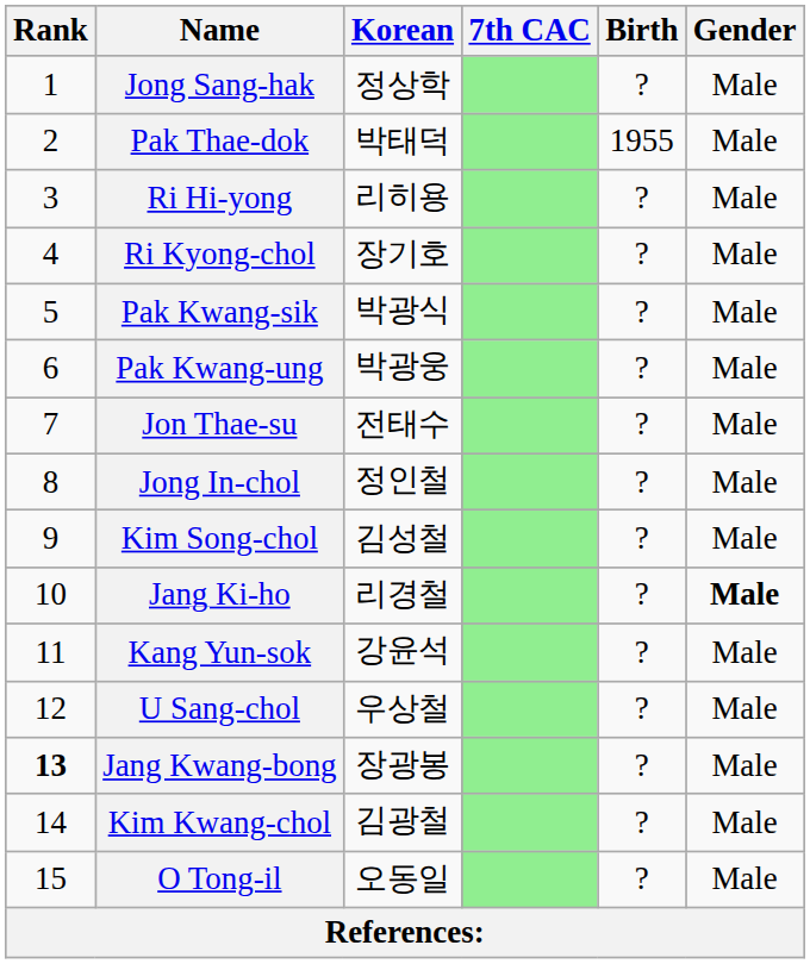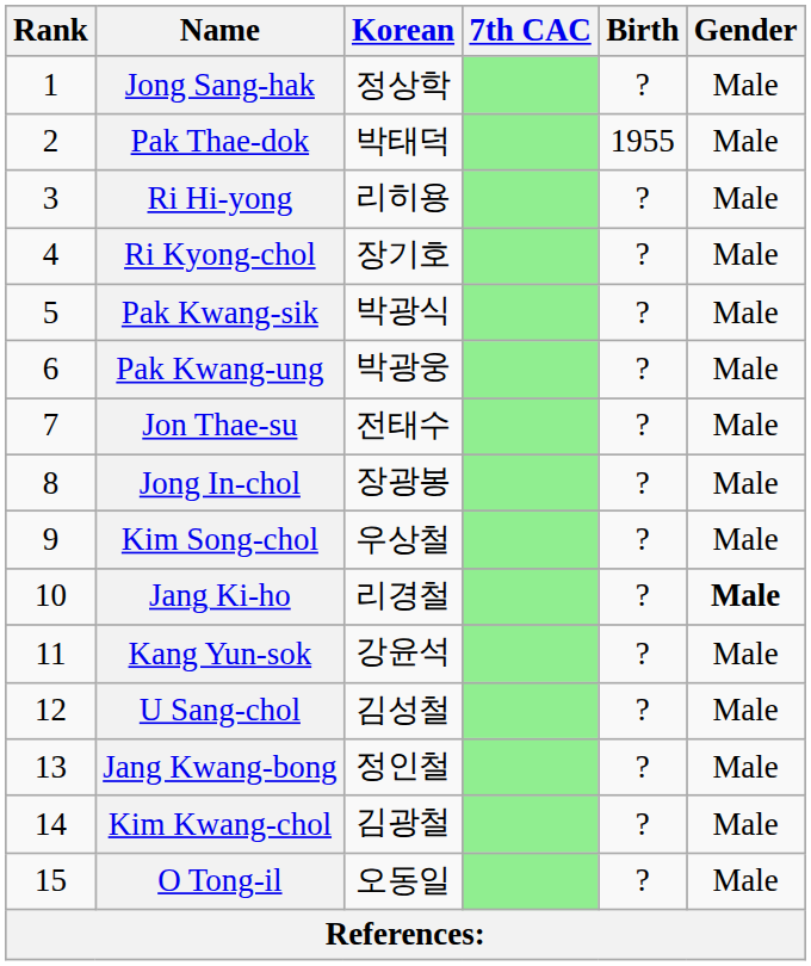 <table class="wikitable sortable" style=text-align:center>
 <tr>
 <th scope="col">Rank</th>
 <th scope="col">Name</th>
 <th scope="col" class="unsortable"><a href='#'>Korean</a></th>
 <th scope="col"><a href='#'>7th CAC</a></th>
 <th scope="col">Birth</th>
 <th scope="col">Gender</th>
 </tr>
 <tr>
 <td>1</td>
 <th scope="row" style="font-weight:normal;"><a href='#'>Jong Sang-hak</a></th>
 <td>정상학</td>
 <td bgcolor = LightGreen></td>
 <td>?</td>
 <td>Male</td>
 </tr>
 <tr>
 <td>2</td>
 <th scope="row" style="font-weight:normal;"><a href='#'>Pak Thae-dok</a></th>
 <td>박태덕</td>
 <td bgcolor = LightGreen></td>
 <td>1955</td>
 <td>Male</td>
 </tr>
 <tr>
 <td>3</td>
 <th scope="row" style="font-weight:normal;"><a href='#'>Ri Hi-yong</a></th>
 <td>리히용</td>
 <td bgcolor = LightGreen></td>
 <td>?</td>
 <td>Male</td>
 </tr>
 <tr>
 <td>4</td>
 <th scope="row" style="font-weight:normal;"><a href='#'>Ri Kyong-chol</a></th>
 <td>장기호</td>
 <td bgcolor = LightGreen></td>
 <td>?</td>
 <td>Male</td>
 </tr>
 <tr>
 <td>5</td>
 <th scope="row" style="font-weight:normal;"><a href='#'>Pak Kwang-sik</a></th>
 <td>박광식</td>
 <td bgcolor = LightGreen></td>
 <td>?</td>
 <td>Male</td>
 </tr>
 <tr>
 <td>6</td>
 <th scope="row" style="font-weight:normal;"><a href='#'>Pak Kwang-ung</a></th>
 <td>박광웅</td>
 <td bgcolor = LightGreen></td>
 <td>?</td>
 <td>Male</td>
 </tr>
 <tr>
 <td>7</td>
 <th scope="row" style="font-weight:normal;"><a href='#'>Jon Thae-su</a></th>
 <td>전태수</td>
 <td bgcolor = LightGreen></td>
 <td>?</td>
 <td>Male</td>
 </tr>
 <tr>
 <td>8</td>
 <th scope="row" style="font-weight:normal;"><a href='#'>Jong In-chol</a></th>
-<td>정인철</td>
+<td>장광봉</td>
 <td bgcolor = LightGreen></td>
 <td>?</td>
 <td>Male</td>
 </tr>
 <tr>
 <td>9</td>
 <th scope="row" style="font-weight:normal;"><a href='#'>Kim Song-chol</a></th>
-<td>김성철</td>
+<td>우상철</td>
 <td bgcolor = LightGreen></td>
 <td>?</td>
 <td>Male</td>
 </tr>
 <tr>
 <td>10</td>
 <th scope="row" style="font-weight:normal;"><a href='#'>Jang Ki-ho</a></th>
 <td>리경철</td>
 <td bgcolor = LightGreen></td>
 <td>?</td>
 <td><strong>Male</strong></td>
 </tr>
 <tr>
 <td>11</td>
 <th scope="row" style="font-weight:normal;"><a href='#'>Kang Yun-sok</a></th>
 <td>강윤석</td>
 <td bgcolor = LightGreen></td>
 <td>?</td>
 <td>Male</td>
 </tr>
 <tr>
 <td>12</td>
 <th scope="row" style="font-weight:normal;"><a href='#'>U Sang-chol</a></th>
-<td>우상철</td>
+<td>김성철</td>
 <td bgcolor = LightGreen></td>
 <td>?</td>
 <td>Male</td>
 </tr>
 <tr>
-<td><strong>13</strong></td>
+<td>13</td>
 <th scope="row" style="font-weight:normal;"><a href='#'>Jang Kwang-bong</a></th>
-<td>장광봉</td>
+<td>정인철</td>
 <td bgcolor = LightGreen></td>
 <td>?</td>
 <td>Male</td>
 </tr>
 <tr>
 <td>14</td>
 <th scope="row" style="font-weight:normal;"><a href='#'>Kim Kwang-chol</a></th>
 <td>김광철</td>
 <td bgcolor = LightGreen></td>
 <td>?</td>
 <td>Male</td>
 </tr>
 <tr>
 <td>15</td>
 <th scope="row" style="font-weight:normal;"><a href='#'>O Tong-il</a></th>
 <td>오동일</td>
 <td bgcolor = LightGreen></td>
 <td>?</td>
 <td>Male</td>
 </tr>
 <tr>
 <th colspan = "7" align = left><strong>References:</strong><br></th>
 </tr>
 </table>
